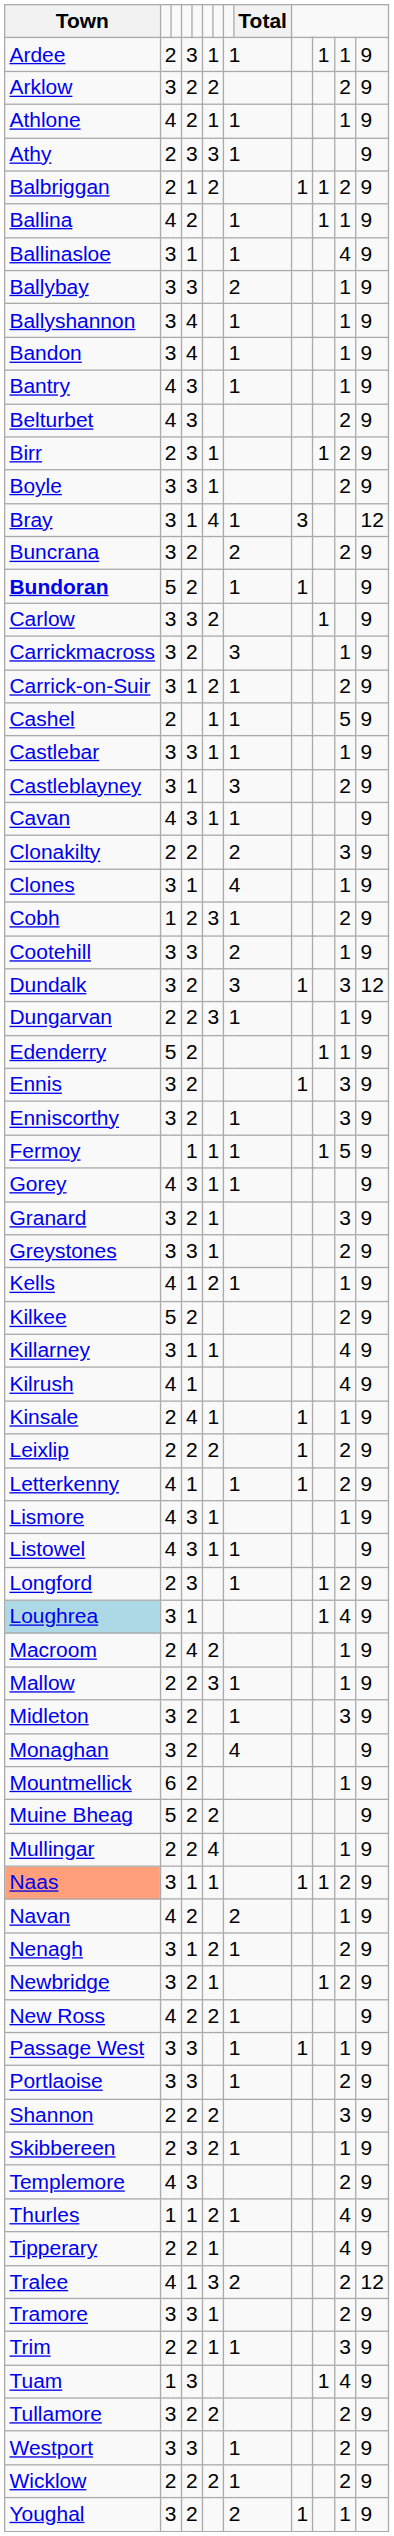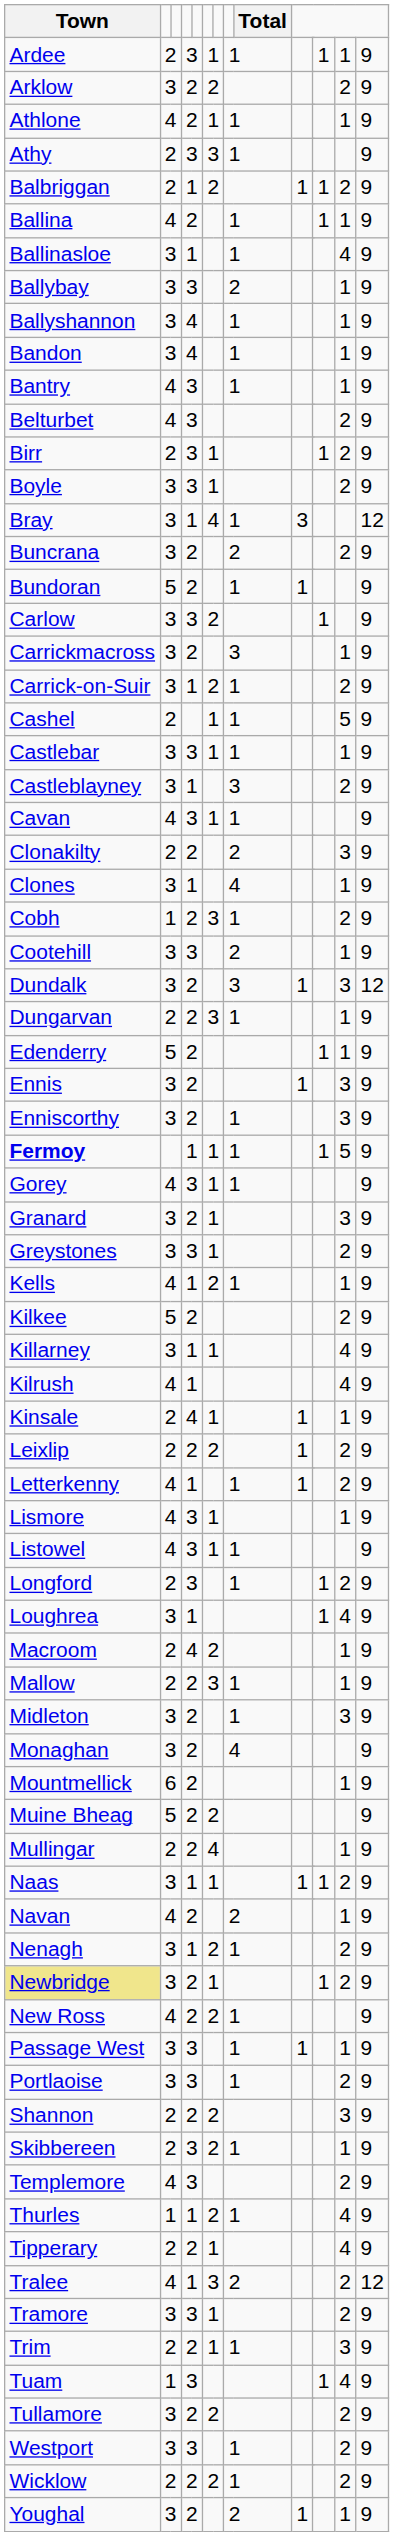 <table class="wikitable sortable">
 <tr>
 <th>Town</th>
 <td></td>
 <td></td>
 <td></td>
 <td></td>
 <td></td>
 <td></td>
 <td></td>
 <th>Total</th>
 </tr>
 <tr>
 <td><a href='#'>Ardee</a></td>
 <td colspan=2>2</td>
 <td colspan=2>3</td>
 <td colspan=2>1</td>
 <td colspan=2>1</td>
 <td colspan=2></td>
 <td colspan=2>1</td>
 <td colspan=2>1</td>
 <td>9</td>
 </tr>
 <tr>
 <td><a href='#'>Arklow</a></td>
 <td colspan=2>3</td>
 <td colspan=2>2</td>
 <td colspan=2>2</td>
 <td colspan=2></td>
 <td colspan=2></td>
 <td colspan=2></td>
 <td colspan=2>2</td>
 <td>9</td>
 </tr>
 <tr>
 <td><a href='#'>Athlone</a></td>
 <td colspan=2>4</td>
 <td colspan=2>2</td>
 <td colspan=2>1</td>
 <td colspan=2>1</td>
 <td colspan=2></td>
 <td colspan=2></td>
 <td colspan=2>1</td>
 <td>9</td>
 </tr>
 <tr>
 <td><a href='#'>Athy</a></td>
 <td colspan=2>2</td>
 <td colspan=2>3</td>
 <td colspan=2>3</td>
 <td colspan=2>1</td>
 <td colspan=2></td>
 <td colspan=2></td>
 <td colspan=2></td>
 <td>9</td>
 </tr>
 <tr>
 <td><a href='#'>Balbriggan</a></td>
 <td colspan=2>2</td>
 <td colspan=2>1</td>
 <td colspan=2>2</td>
 <td colspan=2></td>
 <td colspan=2>1</td>
 <td colspan=2>1</td>
 <td colspan=2>2</td>
 <td>9</td>
 </tr>
 <tr>
 <td><a href='#'>Ballina</a></td>
 <td colspan=2>4</td>
 <td colspan=2>2</td>
 <td colspan=2></td>
 <td colspan=2>1</td>
 <td colspan=2></td>
 <td colspan=2>1</td>
 <td colspan=2>1</td>
 <td>9</td>
 </tr>
 <tr>
 <td><a href='#'>Ballinasloe</a></td>
 <td colspan=2>3</td>
 <td colspan=2>1</td>
 <td colspan=2></td>
 <td colspan=2>1</td>
 <td colspan=2></td>
 <td colspan=2></td>
 <td colspan=2>4</td>
 <td>9</td>
 </tr>
 <tr>
 <td><a href='#'>Ballybay</a></td>
 <td colspan=2>3</td>
 <td colspan=2>3</td>
 <td colspan=2></td>
 <td colspan=2>2</td>
 <td colspan=2></td>
 <td colspan=2></td>
 <td colspan=2>1</td>
 <td>9</td>
 </tr>
 <tr>
 <td><a href='#'>Ballyshannon</a></td>
 <td colspan=2>3</td>
 <td colspan=2>4</td>
 <td colspan=2></td>
 <td colspan=2>1</td>
 <td colspan=2></td>
 <td colspan=2></td>
 <td colspan=2>1</td>
 <td>9</td>
 </tr>
 <tr>
 <td><a href='#'>Bandon</a></td>
 <td colspan=2>3</td>
 <td colspan=2>4</td>
 <td colspan=2></td>
 <td colspan=2>1</td>
 <td colspan=2></td>
 <td colspan=2></td>
 <td colspan=2>1</td>
 <td>9</td>
 </tr>
 <tr>
 <td><a href='#'>Bantry</a></td>
 <td colspan=2>4</td>
 <td colspan=2>3</td>
 <td colspan=2></td>
 <td colspan=2>1</td>
 <td colspan=2></td>
 <td colspan=2></td>
 <td colspan=2>1</td>
 <td>9</td>
 </tr>
 <tr>
 <td><a href='#'>Belturbet</a></td>
 <td colspan=2>4</td>
 <td colspan=2>3</td>
 <td colspan=2></td>
 <td colspan=2></td>
 <td colspan=2></td>
 <td colspan=2></td>
 <td colspan=2>2</td>
 <td>9</td>
 </tr>
 <tr>
 <td><a href='#'>Birr</a></td>
 <td colspan=2>2</td>
 <td colspan=2>3</td>
 <td colspan=2>1</td>
 <td colspan=2></td>
 <td colspan=2></td>
 <td colspan=2>1</td>
 <td colspan=2>2</td>
 <td>9</td>
 </tr>
 <tr>
 <td><a href='#'>Boyle</a></td>
 <td colspan=2>3</td>
 <td colspan=2>3</td>
 <td colspan=2>1</td>
 <td colspan=2></td>
 <td colspan=2></td>
 <td colspan=2></td>
 <td colspan=2>2</td>
 <td>9</td>
 </tr>
 <tr>
 <td><a href='#'>Bray</a></td>
 <td colspan=2>3</td>
 <td colspan=2>1</td>
 <td colspan=2>4</td>
 <td colspan=2>1</td>
 <td colspan=2>3</td>
 <td colspan=2></td>
 <td colspan=2></td>
 <td>12</td>
 </tr>
 <tr>
 <td><a href='#'>Buncrana</a></td>
 <td colspan=2>3</td>
 <td colspan=2>2</td>
 <td colspan=2></td>
 <td colspan=2>2</td>
 <td colspan=2></td>
 <td colspan=2></td>
 <td colspan=2>2</td>
 <td>9</td>
 </tr>
 <tr>
-<td><strong><a href='#'>Bundoran</a></strong></td>
+<td><a href='#'>Bundoran</a></td>
 <td colspan=2>5</td>
 <td colspan=2>2</td>
 <td colspan=2></td>
 <td colspan=2>1</td>
 <td colspan=2>1</td>
 <td colspan=2></td>
 <td colspan=2></td>
 <td>9</td>
 </tr>
 <tr>
 <td><a href='#'>Carlow</a></td>
 <td colspan=2>3</td>
 <td colspan=2>3</td>
 <td colspan=2>2</td>
 <td colspan=2></td>
 <td colspan=2></td>
 <td colspan=2>1</td>
 <td colspan=2></td>
 <td>9</td>
 </tr>
 <tr>
 <td><a href='#'>Carrickmacross</a></td>
 <td colspan=2>3</td>
 <td colspan=2>2</td>
 <td colspan=2></td>
 <td colspan=2>3</td>
 <td colspan=2></td>
 <td colspan=2></td>
 <td colspan=2>1</td>
 <td>9</td>
 </tr>
 <tr>
 <td><a href='#'>Carrick-on-Suir</a></td>
 <td colspan=2>3</td>
 <td colspan=2>1</td>
 <td colspan=2>2</td>
 <td colspan=2>1</td>
 <td colspan=2></td>
 <td colspan=2></td>
 <td colspan=2>2</td>
 <td>9</td>
 </tr>
 <tr>
 <td><a href='#'>Cashel</a></td>
 <td colspan=2>2</td>
 <td colspan=2></td>
 <td colspan=2>1</td>
 <td colspan=2>1</td>
 <td colspan=2></td>
 <td colspan=2></td>
 <td colspan=2>5</td>
 <td>9</td>
 </tr>
 <tr>
 <td><a href='#'>Castlebar</a></td>
 <td colspan=2>3</td>
 <td colspan=2>3</td>
 <td colspan=2>1</td>
 <td colspan=2>1</td>
 <td colspan=2></td>
 <td colspan=2></td>
 <td colspan=2>1</td>
 <td>9</td>
 </tr>
 <tr>
 <td><a href='#'>Castleblayney</a></td>
 <td colspan=2>3</td>
 <td colspan=2>1</td>
 <td colspan=2></td>
 <td colspan=2>3</td>
 <td colspan=2></td>
 <td colspan=2></td>
 <td colspan=2>2</td>
 <td>9</td>
 </tr>
 <tr>
 <td><a href='#'>Cavan</a></td>
 <td colspan=2>4</td>
 <td colspan=2>3</td>
 <td colspan=2>1</td>
 <td colspan=2>1</td>
 <td colspan=2></td>
 <td colspan=2></td>
 <td colspan=2></td>
 <td>9</td>
 </tr>
 <tr>
 <td><a href='#'>Clonakilty</a></td>
 <td colspan=2>2</td>
 <td colspan=2>2</td>
 <td colspan=2></td>
 <td colspan=2>2</td>
 <td colspan=2></td>
 <td colspan=2></td>
 <td colspan=2>3</td>
 <td>9</td>
 </tr>
 <tr>
 <td><a href='#'>Clones</a></td>
 <td colspan=2>3</td>
 <td colspan=2>1</td>
 <td colspan=2></td>
 <td colspan=2>4</td>
 <td colspan=2></td>
 <td colspan=2></td>
 <td colspan=2>1</td>
 <td>9</td>
 </tr>
 <tr>
 <td><a href='#'>Cobh</a></td>
 <td colspan=2>1</td>
 <td colspan=2>2</td>
 <td colspan=2>3</td>
 <td colspan=2>1</td>
 <td colspan=2></td>
 <td colspan=2></td>
 <td colspan=2>2</td>
 <td>9</td>
 </tr>
 <tr>
 <td><a href='#'>Cootehill</a></td>
 <td colspan=2>3</td>
 <td colspan=2>3</td>
 <td colspan=2></td>
 <td colspan=2>2</td>
 <td colspan=2></td>
 <td colspan=2></td>
 <td colspan=2>1</td>
 <td>9</td>
 </tr>
 <tr>
 <td><a href='#'>Dundalk</a></td>
 <td colspan=2>3</td>
 <td colspan=2>2</td>
 <td colspan=2></td>
 <td colspan=2>3</td>
 <td colspan=2>1</td>
 <td colspan=2></td>
 <td colspan=2>3</td>
 <td>12</td>
 </tr>
 <tr>
 <td><a href='#'>Dungarvan</a></td>
 <td colspan=2>2</td>
 <td colspan=2>2</td>
 <td colspan=2>3</td>
 <td colspan=2>1</td>
 <td colspan=2></td>
 <td colspan=2></td>
 <td colspan=2>1</td>
 <td>9</td>
 </tr>
 <tr>
 <td><a href='#'>Edenderry</a></td>
 <td colspan=2>5</td>
 <td colspan=2>2</td>
 <td colspan=2></td>
 <td colspan=2></td>
 <td colspan=2></td>
 <td colspan=2>1</td>
 <td colspan=2>1</td>
 <td>9</td>
 </tr>
 <tr>
 <td><a href='#'>Ennis</a></td>
 <td colspan=2>3</td>
 <td colspan=2>2</td>
 <td colspan=2></td>
 <td colspan=2></td>
 <td colspan=2>1</td>
 <td colspan=2></td>
 <td colspan=2>3</td>
 <td>9</td>
 </tr>
 <tr>
 <td><a href='#'>Enniscorthy</a></td>
 <td colspan=2>3</td>
 <td colspan=2>2</td>
 <td colspan=2></td>
 <td colspan=2>1</td>
 <td colspan=2></td>
 <td colspan=2></td>
 <td colspan=2>3</td>
 <td>9</td>
 </tr>
 <tr>
-<td><a href='#'>Fermoy</a></td>
+<td><strong><a href='#'>Fermoy</a></strong></td>
 <td colspan=2></td>
 <td colspan=2>1</td>
 <td colspan=2>1</td>
 <td colspan=2>1</td>
 <td colspan=2></td>
 <td colspan=2>1</td>
 <td colspan=2>5</td>
 <td>9</td>
 </tr>
 <tr>
 <td><a href='#'>Gorey</a></td>
 <td colspan=2>4</td>
 <td colspan=2>3</td>
 <td colspan=2>1</td>
 <td colspan=2>1</td>
 <td colspan=2></td>
 <td colspan=2></td>
 <td colspan=2></td>
 <td>9</td>
 </tr>
 <tr>
 <td><a href='#'>Granard</a></td>
 <td colspan=2>3</td>
 <td colspan=2>2</td>
 <td colspan=2>1</td>
 <td colspan=2></td>
 <td colspan=2></td>
 <td colspan=2></td>
 <td colspan=2>3</td>
 <td>9</td>
 </tr>
 <tr>
 <td><a href='#'>Greystones</a></td>
 <td colspan=2>3</td>
 <td colspan=2>3</td>
 <td colspan=2>1</td>
 <td colspan=2></td>
 <td colspan=2></td>
 <td colspan=2></td>
 <td colspan=2>2</td>
 <td>9</td>
 </tr>
 <tr>
 <td><a href='#'>Kells</a></td>
 <td colspan=2>4</td>
 <td colspan=2>1</td>
 <td colspan=2>2</td>
 <td colspan=2>1</td>
 <td colspan=2></td>
 <td colspan=2></td>
 <td colspan=2>1</td>
 <td>9</td>
 </tr>
 <tr>
 <td><a href='#'>Kilkee</a></td>
 <td colspan=2>5</td>
 <td colspan=2>2</td>
 <td colspan=2></td>
 <td colspan=2></td>
 <td colspan=2></td>
 <td colspan=2></td>
 <td colspan=2>2</td>
 <td>9</td>
 </tr>
 <tr>
 <td><a href='#'>Killarney</a></td>
 <td colspan=2>3</td>
 <td colspan=2>1</td>
 <td colspan=2>1</td>
 <td colspan=2></td>
 <td colspan=2></td>
 <td colspan=2></td>
 <td colspan=2>4</td>
 <td>9</td>
 </tr>
 <tr>
 <td><a href='#'>Kilrush</a></td>
 <td colspan=2>4</td>
 <td colspan=2>1</td>
 <td colspan=2></td>
 <td colspan=2></td>
 <td colspan=2></td>
 <td colspan=2></td>
 <td colspan=2>4</td>
 <td>9</td>
 </tr>
 <tr>
 <td><a href='#'>Kinsale</a></td>
 <td colspan=2>2</td>
 <td colspan=2>4</td>
 <td colspan=2>1</td>
 <td colspan=2></td>
 <td colspan=2>1</td>
 <td colspan=2></td>
 <td colspan=2>1</td>
 <td>9</td>
 </tr>
 <tr>
 <td><a href='#'>Leixlip</a></td>
 <td colspan=2>2</td>
 <td colspan=2>2</td>
 <td colspan=2>2</td>
 <td colspan=2></td>
 <td colspan=2>1</td>
 <td colspan=2></td>
 <td colspan=2>2</td>
 <td>9</td>
 </tr>
 <tr>
 <td><a href='#'>Letterkenny</a></td>
 <td colspan=2>4</td>
 <td colspan=2>1</td>
 <td colspan=2></td>
 <td colspan=2>1</td>
 <td colspan=2>1</td>
 <td colspan=2></td>
 <td colspan=2>2</td>
 <td>9</td>
 </tr>
 <tr>
 <td><a href='#'>Lismore</a></td>
 <td colspan=2>4</td>
 <td colspan=2>3</td>
 <td colspan=2>1</td>
 <td colspan=2></td>
 <td colspan=2></td>
 <td colspan=2></td>
 <td colspan=2>1</td>
 <td>9</td>
 </tr>
 <tr>
 <td><a href='#'>Listowel</a></td>
 <td colspan=2>4</td>
 <td colspan=2>3</td>
 <td colspan=2>1</td>
 <td colspan=2>1</td>
 <td colspan=2></td>
 <td colspan=2></td>
 <td colspan=2></td>
 <td>9</td>
 </tr>
 <tr>
 <td><a href='#'>Longford</a></td>
 <td colspan=2>2</td>
 <td colspan=2>3</td>
 <td colspan=2></td>
 <td colspan=2>1</td>
 <td colspan=2></td>
 <td colspan=2>1</td>
 <td colspan=2>2</td>
 <td>9</td>
 </tr>
 <tr>
-<td style="background: lightblue;"><a href='#'>Loughrea</a></td>
+<td><a href='#'>Loughrea</a></td>
 <td colspan=2>3</td>
 <td colspan=2>1</td>
 <td colspan=2></td>
 <td colspan=2></td>
 <td colspan=2></td>
 <td colspan=2>1</td>
 <td colspan=2>4</td>
 <td>9</td>
 </tr>
 <tr>
 <td><a href='#'>Macroom</a></td>
 <td colspan=2>2</td>
 <td colspan=2>4</td>
 <td colspan=2>2</td>
 <td colspan=2></td>
 <td colspan=2></td>
 <td colspan=2></td>
 <td colspan=2>1</td>
 <td>9</td>
 </tr>
 <tr>
 <td><a href='#'>Mallow</a></td>
 <td colspan=2>2</td>
 <td colspan=2>2</td>
 <td colspan=2>3</td>
 <td colspan=2>1</td>
 <td colspan=2></td>
 <td colspan=2></td>
 <td colspan=2>1</td>
 <td>9</td>
 </tr>
 <tr>
 <td><a href='#'>Midleton</a></td>
 <td colspan=2>3</td>
 <td colspan=2>2</td>
 <td colspan=2></td>
 <td colspan=2>1</td>
 <td colspan=2></td>
 <td colspan=2></td>
 <td colspan=2>3</td>
 <td>9</td>
 </tr>
 <tr>
 <td><a href='#'>Monaghan</a></td>
 <td colspan=2>3</td>
 <td colspan=2>2</td>
 <td colspan=2></td>
 <td colspan=2>4</td>
 <td colspan=2></td>
 <td colspan=2></td>
 <td colspan=2></td>
 <td>9</td>
 </tr>
 <tr>
 <td><a href='#'>Mountmellick</a></td>
 <td colspan=2>6</td>
 <td colspan=2>2</td>
 <td colspan=2></td>
 <td colspan=2></td>
 <td colspan=2></td>
 <td colspan=2></td>
 <td colspan=2>1</td>
 <td>9</td>
 </tr>
 <tr>
 <td><a href='#'>Muine Bheag</a></td>
 <td colspan=2>5</td>
 <td colspan=2>2</td>
 <td colspan=2>2</td>
 <td colspan=2></td>
 <td colspan=2></td>
 <td colspan=2></td>
 <td colspan=2></td>
 <td>9</td>
 </tr>
 <tr>
 <td><a href='#'>Mullingar</a></td>
 <td colspan=2>2</td>
 <td colspan=2>2</td>
 <td colspan=2>4</td>
 <td colspan=2></td>
 <td colspan=2></td>
 <td colspan=2></td>
 <td colspan=2>1</td>
 <td>9</td>
 </tr>
 <tr>
-<td style="background: lightsalmon;"><a href='#'>Naas</a></td>
+<td><a href='#'>Naas</a></td>
 <td colspan=2>3</td>
 <td colspan=2>1</td>
 <td colspan=2>1</td>
 <td colspan=2></td>
 <td colspan=2>1</td>
 <td colspan=2>1</td>
 <td colspan=2>2</td>
 <td>9</td>
 </tr>
 <tr>
 <td><a href='#'>Navan</a></td>
 <td colspan=2>4</td>
 <td colspan=2>2</td>
 <td colspan=2></td>
 <td colspan=2>2</td>
 <td colspan=2></td>
 <td colspan=2></td>
 <td colspan=2>1</td>
 <td>9</td>
 </tr>
 <tr>
 <td><a href='#'>Nenagh</a></td>
 <td colspan=2>3</td>
 <td colspan=2>1</td>
 <td colspan=2>2</td>
 <td colspan=2>1</td>
 <td colspan=2></td>
 <td colspan=2></td>
 <td colspan=2>2</td>
 <td>9</td>
 </tr>
 <tr>
-<td><a href='#'>Newbridge</a></td>
+<td style="background: khaki;"><a href='#'>Newbridge</a></td>
 <td colspan=2>3</td>
 <td colspan=2>2</td>
 <td colspan=2>1</td>
 <td colspan=2></td>
 <td colspan=2></td>
 <td colspan=2>1</td>
 <td colspan=2>2</td>
 <td>9</td>
 </tr>
 <tr>
 <td><a href='#'>New Ross</a></td>
 <td colspan=2>4</td>
 <td colspan=2>2</td>
 <td colspan=2>2</td>
 <td colspan=2>1</td>
 <td colspan=2></td>
 <td colspan=2></td>
 <td colspan=2></td>
 <td>9</td>
 </tr>
 <tr>
 <td><a href='#'>Passage West</a></td>
 <td colspan=2>3</td>
 <td colspan=2>3</td>
 <td colspan=2></td>
 <td colspan=2>1</td>
 <td colspan=2>1</td>
 <td colspan=2></td>
 <td colspan=2>1</td>
 <td>9</td>
 </tr>
 <tr>
 <td><a href='#'>Portlaoise</a></td>
 <td colspan=2>3</td>
 <td colspan=2>3</td>
 <td colspan=2></td>
 <td colspan=2>1</td>
 <td colspan=2></td>
 <td colspan=2></td>
 <td colspan=2>2</td>
 <td>9</td>
 </tr>
 <tr>
 <td><a href='#'>Shannon</a></td>
 <td colspan=2>2</td>
 <td colspan=2>2</td>
 <td colspan=2>2</td>
 <td colspan=2></td>
 <td colspan=2></td>
 <td colspan=2></td>
 <td colspan=2>3</td>
 <td>9</td>
 </tr>
 <tr>
 <td><a href='#'>Skibbereen</a></td>
 <td colspan=2>2</td>
 <td colspan=2>3</td>
 <td colspan=2>2</td>
 <td colspan=2>1</td>
 <td colspan=2></td>
 <td colspan=2></td>
 <td colspan=2>1</td>
 <td>9</td>
 </tr>
 <tr>
 <td><a href='#'>Templemore</a></td>
 <td colspan=2>4</td>
 <td colspan=2>3</td>
 <td colspan=2></td>
 <td colspan=2></td>
 <td colspan=2></td>
 <td colspan=2></td>
 <td colspan=2>2</td>
 <td>9</td>
 </tr>
 <tr>
 <td><a href='#'>Thurles</a></td>
 <td colspan=2>1</td>
 <td colspan=2>1</td>
 <td colspan=2>2</td>
 <td colspan=2>1</td>
 <td colspan=2></td>
 <td colspan=2></td>
 <td colspan=2>4</td>
 <td>9</td>
 </tr>
 <tr>
 <td><a href='#'>Tipperary</a></td>
 <td colspan=2>2</td>
 <td colspan=2>2</td>
 <td colspan=2>1</td>
 <td colspan=2></td>
 <td colspan=2></td>
 <td colspan=2></td>
 <td colspan=2>4</td>
 <td>9</td>
 </tr>
 <tr>
 <td><a href='#'>Tralee</a></td>
 <td colspan=2>4</td>
 <td colspan=2>1</td>
 <td colspan=2>3</td>
 <td colspan=2>2</td>
 <td colspan=2></td>
 <td colspan=2></td>
 <td colspan=2>2</td>
 <td>12</td>
 </tr>
 <tr>
 <td><a href='#'>Tramore</a></td>
 <td colspan=2>3</td>
 <td colspan=2>3</td>
 <td colspan=2>1</td>
 <td colspan=2></td>
 <td colspan=2></td>
 <td colspan=2></td>
 <td colspan=2>2</td>
 <td>9</td>
 </tr>
 <tr>
 <td><a href='#'>Trim</a></td>
 <td colspan=2>2</td>
 <td colspan=2>2</td>
 <td colspan=2>1</td>
 <td colspan=2>1</td>
 <td colspan=2></td>
 <td colspan=2></td>
 <td colspan=2>3</td>
 <td>9</td>
 </tr>
 <tr>
 <td><a href='#'>Tuam</a></td>
 <td colspan=2>1</td>
 <td colspan=2>3</td>
 <td colspan=2></td>
 <td colspan=2></td>
 <td colspan=2></td>
 <td colspan=2>1</td>
 <td colspan=2>4</td>
 <td>9</td>
 </tr>
 <tr>
 <td><a href='#'>Tullamore</a></td>
 <td colspan=2>3</td>
 <td colspan=2>2</td>
 <td colspan=2>2</td>
 <td colspan=2></td>
 <td colspan=2></td>
 <td colspan=2></td>
 <td colspan=2>2</td>
 <td>9</td>
 </tr>
 <tr>
 <td><a href='#'>Westport</a></td>
 <td colspan=2>3</td>
 <td colspan=2>3</td>
 <td colspan=2></td>
 <td colspan=2>1</td>
 <td colspan=2></td>
 <td colspan=2></td>
 <td colspan=2>2</td>
 <td>9</td>
 </tr>
 <tr>
 <td><a href='#'>Wicklow</a></td>
 <td colspan=2>2</td>
 <td colspan=2>2</td>
 <td colspan=2>2</td>
 <td colspan=2>1</td>
 <td colspan=2></td>
 <td colspan=2></td>
 <td colspan=2>2</td>
 <td>9</td>
 </tr>
 <tr>
 <td><a href='#'>Youghal</a></td>
 <td colspan=2>3</td>
 <td colspan=2>2</td>
 <td colspan=2></td>
 <td colspan=2>2</td>
 <td colspan=2>1</td>
 <td colspan=2></td>
 <td colspan=2>1</td>
 <td>9</td>
 </tr>
 </table>
